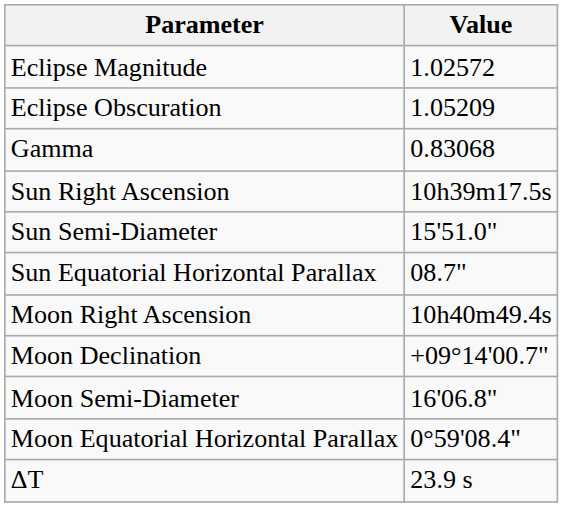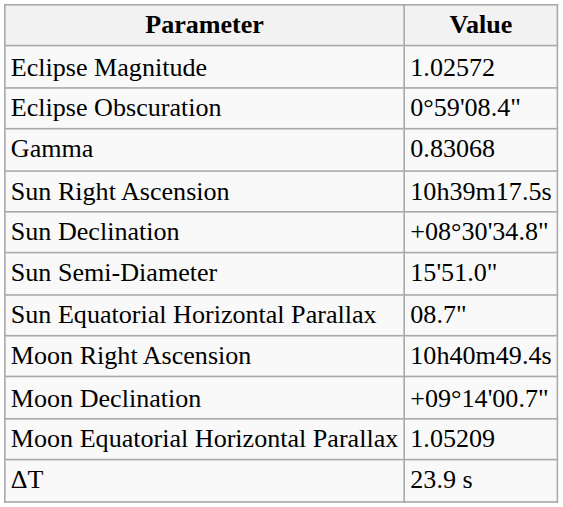 <table class="wikitable">
 <tr>
 <th>Parameter</th>
 <th>Value</th>
 </tr>
 <tr>
 <td>Eclipse Magnitude</td>
 <td>1.02572</td>
 </tr>
 <tr>
 <td>Eclipse Obscuration</td>
-<td>1.05209</td>
+<td>0°59'08.4"</td>
 </tr>
 <tr>
 <td>Gamma</td>
 <td>0.83068</td>
 </tr>
 <tr>
 <td>Sun Right Ascension</td>
 <td>10h39m17.5s</td>
+</tr>
+<tr>
+<td>Sun Declination</td>
+<td>+08°30'34.8"</td>
 </tr>
 <tr>
 <td>Sun Semi-Diameter</td>
 <td>15'51.0"</td>
 </tr>
 <tr>
 <td>Sun Equatorial Horizontal Parallax</td>
 <td>08.7"</td>
 </tr>
 <tr>
 <td>Moon Right Ascension</td>
 <td>10h40m49.4s</td>
 </tr>
 <tr>
 <td>Moon Declination</td>
 <td>+09°14'00.7"</td>
 </tr>
 <tr>
-<td>Moon Semi-Diameter</td>
-<td>16'06.8"</td>
-</tr>
-<tr>
 <td>Moon Equatorial Horizontal Parallax</td>
-<td>0°59'08.4"</td>
+<td>1.05209</td>
 </tr>
 <tr>
 <td>ΔT</td>
 <td>23.9 s</td>
 </tr>
 </table>
